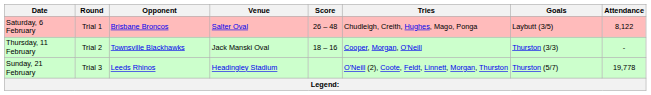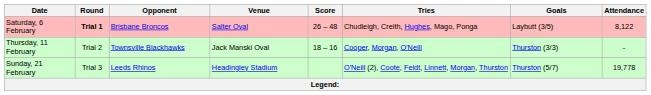 <table class="wikitable" style="font-size:75%;">
 <tr>
 <th style="width:110px;">Date</th>
 <th style="width:50px;">Round</th>
 <th style="width:160px;">Opponent</th>
 <th style="width:155px;">Venue</th>
 <th style="width:50px;">Score</th>
 <th style="width:270px;">Tries</th>
 <th style="width:145px;">Goals</th>
 <th style="width:60px;">Attendance</th>
 </tr>
 <tr style="background:#fbb;">
 <td>Saturday, 6 February</td>
-<td style="text-align:center;">Trial 1</td>
+<td style="text-align:center;"><strong>Trial 1</strong></td>
 <td> <a href='#'>Brisbane Broncos</a></td>
 <td><a href='#'>Salter Oval</a></td>
 <td style="text-align:center;">26 – 48</td>
 <td>Chudleigh, Creith, <a href='#'>Hughes</a>, Mago, Ponga</td>
 <td>Laybutt (3/5)</td>
 <td style="text-align:center;">8,122</td>
 </tr>
 <tr style="background:#cfc;">
 <td>Thursday, 11 February</td>
 <td style="text-align:center;">Trial 2</td>
 <td> <a href='#'>Townsville Blackhawks</a></td>
 <td>Jack Manski Oval</td>
 <td style="text-align:center;">18 – 16</td>
 <td><a href='#'>Cooper</a>, <a href='#'>Morgan</a>, <a href='#'>O'Neill</a></td>
 <td><a href='#'>Thurston</a> (3/3)</td>
 <td style="text-align:center;">-</td>
 </tr>
 <tr style="background:#cfc;">
 <td>Sunday, 21 February</td>
 <td style="text-align:center;">Trial 3</td>
 <td> <a href='#'>Leeds Rhinos</a></td>
 <td><a href='#'>Headingley Stadium</a></td>
 <td style="text-align:center;"></td>
 <td><a href='#'>O'Neill</a> (2), <a href='#'>Coote</a>, <a href='#'>Feldt</a>, <a href='#'>Linnett</a>, <a href='#'>Morgan</a>, <a href='#'>Thurston</a></td>
 <td><a href='#'>Thurston</a> (5/7)</td>
 <td style="text-align:center;">19,778</td>
 </tr>
 <tr>
 <th colspan="11"><strong>Legend</strong>:   </th>
 </tr>
 </table>
